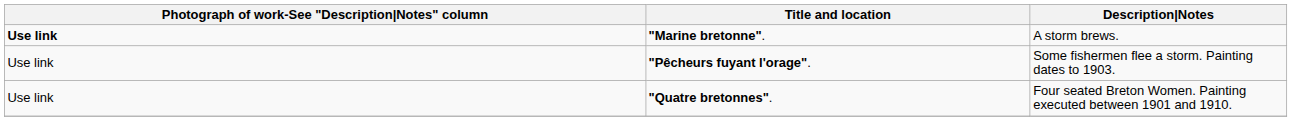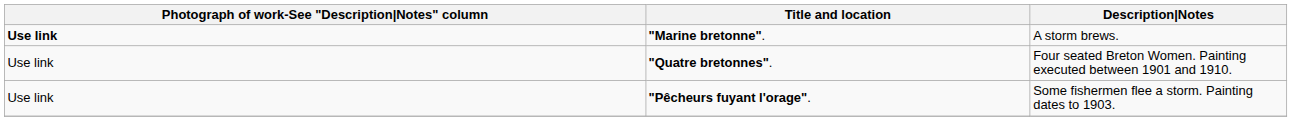 <table class="wikitable sortable" style="width:100%; margin-top:0.5em;">
 <tr>
 <th scope="col" width=50%>Photograph of work-See "Description|Notes" column</th>
 <th scope="col" width=30%>Title and location</th>
 <th scope="col" width="30%">Description|Notes</th>
 </tr>
 <tr>
 <td><strong>Use link</strong></td>
 <td><strong>"Marine bretonne"</strong>.</td>
 <td>A storm brews.</td>
 </tr>
 <tr>
 <td>Use link</td>
+<td><strong>"Quatre bretonnes"</strong>.</td>
+<td>Four seated Breton Women. Painting executed between 1901 and 1910.</td>
+</tr>
+<tr>
+<td>Use link</td>
 <td><strong>"Pêcheurs fuyant l'orage"</strong>.</td>
 <td>Some fishermen flee a storm. Painting dates to 1903.</td>
 </tr>
 <tr>
-<td>Use link</td>
-<td><strong>"Quatre bretonnes"</strong>.</td>
-<td>Four seated Breton Women. Painting executed between 1901 and 1910.</td>
-</tr>
-<tr>
 </tr>
 </table>
